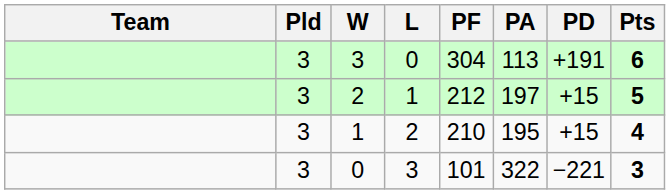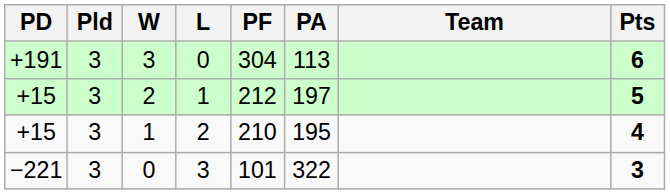 <table class=wikitable style="text-align:center">
 <tr>
-<th width=180>Team</th>
+<th width=30>PD</th>
 <th width=30>Pld</th>
 <th width=30>W</th>
 <th width=30>L</th>
 <th width=30>PF</th>
 <th width=30>PA</th>
-<th width=30>PD</th>
+<th width=180>Team</th>
 <th width=30>Pts</th>
 </tr>
 <tr align=center bgcolor="#ccffcc">
-<td align=left></td>
+<td>+191</td>
 <td>3</td>
 <td>3</td>
 <td>0</td>
 <td>304</td>
 <td>113</td>
-<td>+191</td>
+<td align=left></td>
 <td><strong>6</strong></td>
 </tr>
 <tr align=center bgcolor="#ccffcc">
-<td align=left></td>
+<td>+15</td>
 <td>3</td>
 <td>2</td>
 <td>1</td>
 <td>212</td>
 <td>197</td>
-<td>+15</td>
+<td align=left></td>
 <td><strong>5</strong></td>
 </tr>
 <tr align=center>
-<td align=left></td>
+<td>+15</td>
 <td>3</td>
 <td>1</td>
 <td>2</td>
 <td>210</td>
 <td>195</td>
-<td>+15</td>
+<td align=left></td>
 <td><strong>4</strong></td>
 </tr>
 <tr align=center>
-<td align=left></td>
+<td>−221</td>
 <td>3</td>
 <td>0</td>
 <td>3</td>
 <td>101</td>
 <td>322</td>
-<td>−221</td>
+<td align=left></td>
 <td><strong>3</strong></td>
 </tr>
 </table>
